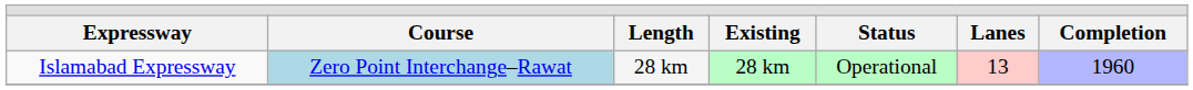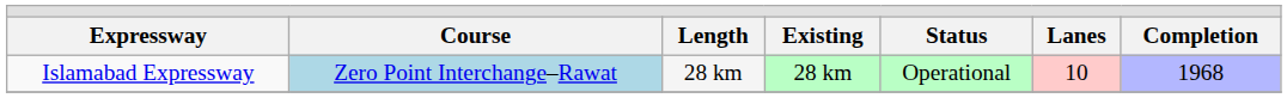 <table class="wikitable" style="margin:auto; font-size:90%; align:center; text-align:center; width:90%">
 <tr>
 <td colspan="12" bgcolor="#E0E0E0"></td>
 </tr>
 <tr>
 <th>Expressway</th>
 <th>Course</th>
 <th>Length</th>
 <th>Existing</th>
 <th>Status</th>
 <th>Lanes</th>
 <th>Completion</th>
 </tr>
 <tr>
 <td><a href='#'>Islamabad Expressway</a></td>
 <td style="background: lightblue;"><a href='#'>Zero Point Interchange</a>–<a href='#'>Rawat</a></td>
 <td bgcolor="#F5F5F5">28 km</td>
 <td bgcolor="#B9FFC5">28 km</td>
 <td bgcolor="#B9FFC5">Operational</td>
-<td bgcolor="#FFCBCB">13</td>
-<td bgcolor="#B3B7FF">1960</td>
+<td bgcolor="#FFCBCB">10</td>
+<td bgcolor="#B3B7FF">1968</td>
 </tr>
 <tr>
 </tr>
 </table>
